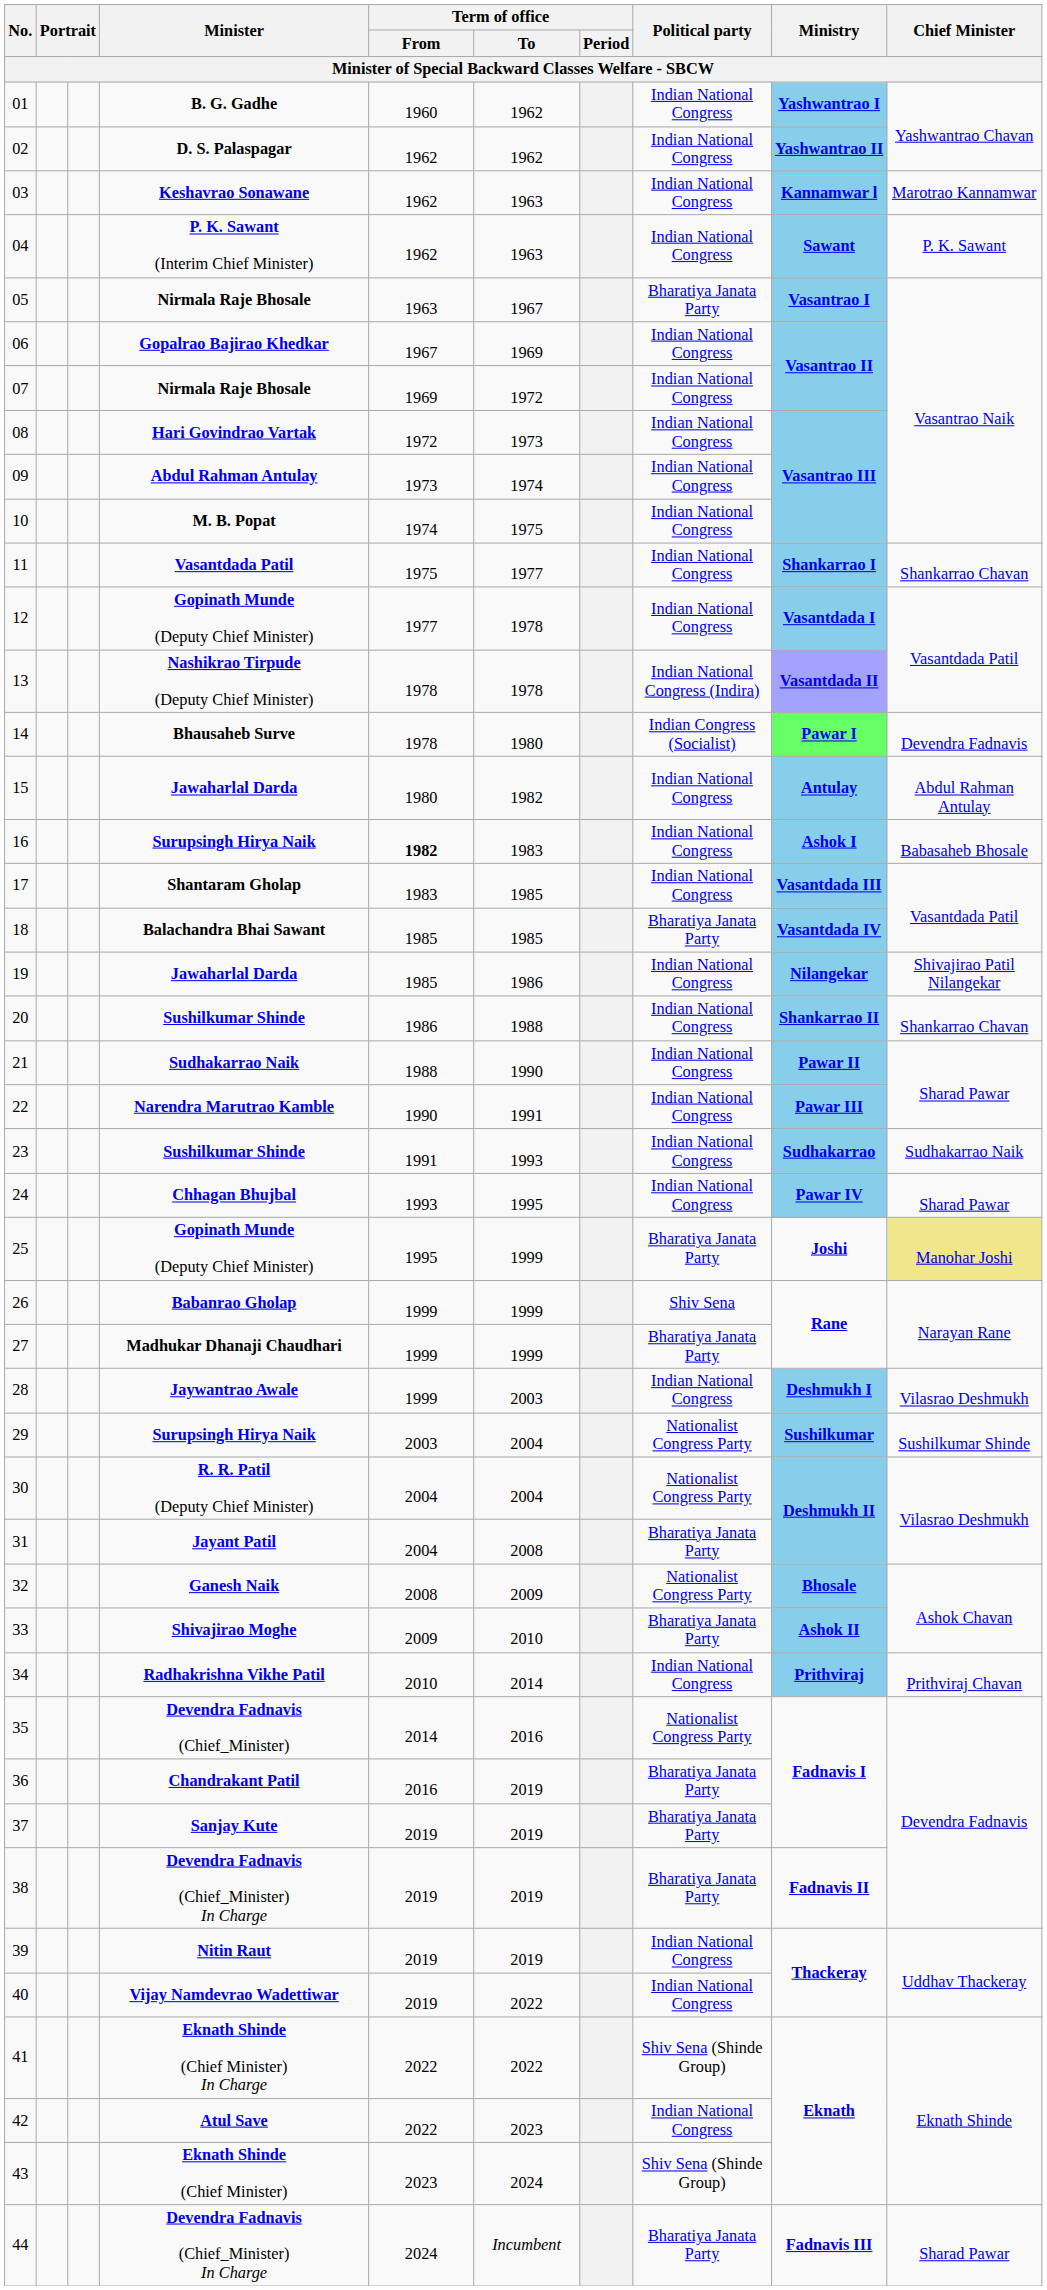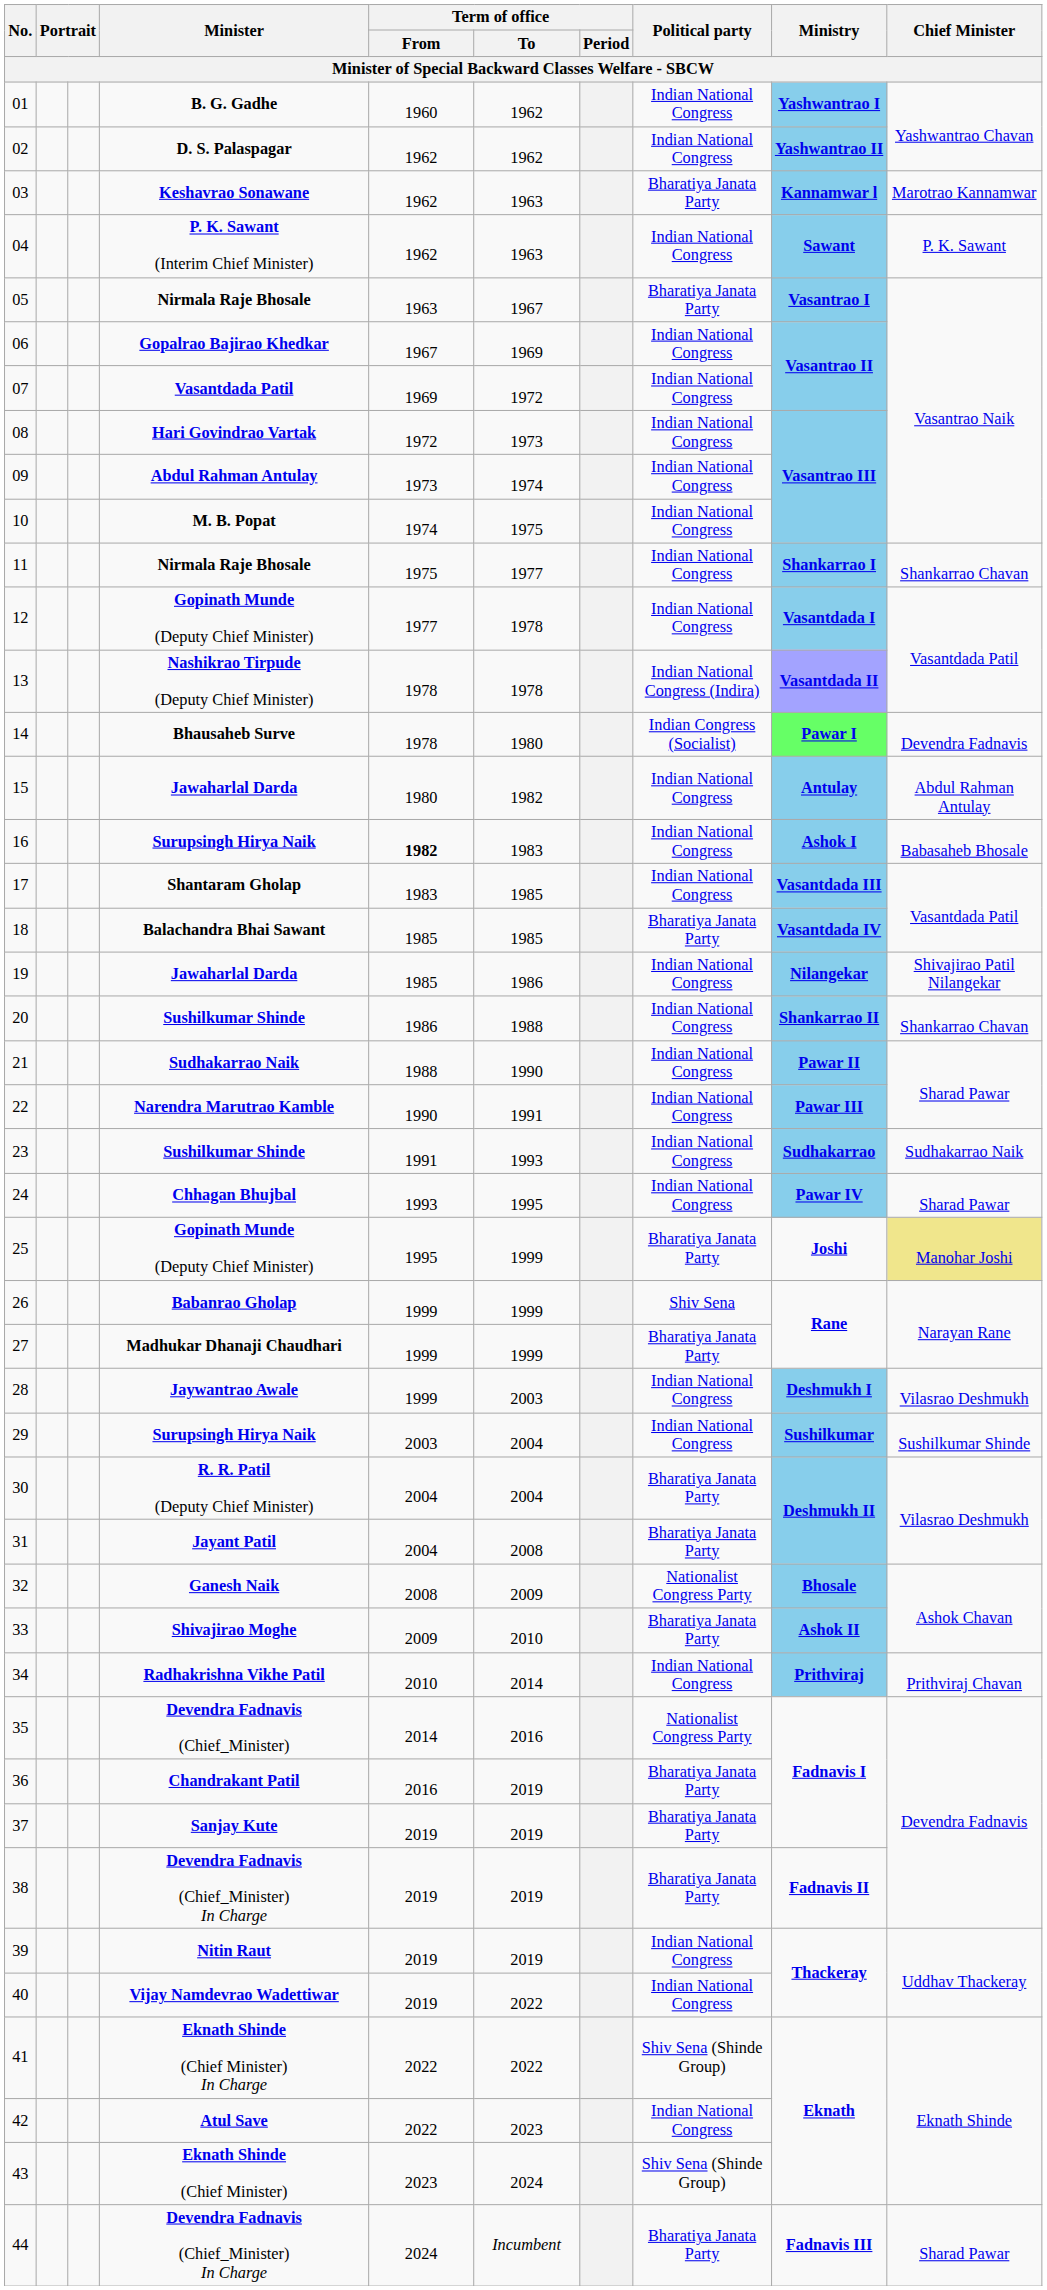 <table class="wikitable" style="text-align:center">
 <tr>
 <th rowspan="2">No.</th>
 <th rowspan="2" colspan="2">Portrait</th>
 <th rowspan="2" style="width:16em">Minister<br></th>
 <th colspan="3">Term of office</th>
 <th rowspan="2" style="width:8em">Political party</th>
 <th rowspan="2">Ministry</th>
 <th rowspan="2" style="width:9em">Chief Minister</th>
 </tr>
 <tr>
 <th style="width:6em">From</th>
 <th style="width:6em">To</th>
 <th>Period</th>
 </tr>
 <tr>
 <th colspan="10">Minister of Special Backward Classes Welfare - SBCW</th>
 </tr>
 <tr>
 <td>01</td>
 <td style="color:inherit;background:"></td>
 <td></td>
 <td><strong>B. G. Gadhe</strong> <br> </td>
 <td><br>1960</td>
 <td><br>1962</td>
 <th></th>
 <td><a href='#'>Indian National Congress</a></td>
 <td bgcolor="#87CEEB"><a href='#'><strong>Yashwantrao I</strong></a></td>
 <td rowspan="2"> <br><a href='#'>Yashwantrao Chavan</a></td>
 </tr>
 <tr>
 <td>02</td>
 <td style="color:inherit;background:"></td>
 <td></td>
 <td><strong>D. S. Palaspagar</strong>  <br> </td>
 <td><br>1962</td>
 <td><br>1962</td>
 <th></th>
 <td><a href='#'>Indian National Congress</a></td>
 <td bgcolor="#87CEEB"><a href='#'><strong>Yashwantrao II</strong></a></td>
 </tr>
 <tr>
 <td>03</td>
 <td style="color:inherit;background:"></td>
 <td></td>
 <td><strong><a href='#'>Keshavrao Sonawane</a></strong> <br> </td>
 <td><br>1962</td>
 <td><br>1963</td>
 <th></th>
-<td><a href='#'>Indian National Congress</a></td>
+<td><a href='#'>Bharatiya Janata Party</a></td>
 <td bgcolor="#87CEEB"><a href='#'><strong>Kannamwar l</strong></a></td>
 <td><a href='#'>Marotrao Kannamwar</a></td>
 </tr>
 <tr>
 <td>04</td>
 <td style="color:inherit;background:"></td>
 <td></td>
 <td><strong><a href='#'>P. K. Sawant</a></strong> <br>  <br>(Interim Chief Minister)</td>
 <td><br>1962</td>
 <td><br>1963</td>
 <th></th>
 <td><a href='#'>Indian National Congress</a></td>
 <td bgcolor="#87CEEB"><a href='#'><strong>Sawant</strong></a></td>
 <td><a href='#'>P. K. Sawant</a></td>
 </tr>
 <tr>
 <td>05</td>
 <td style="color:inherit;background:"></td>
 <td></td>
 <td><strong>Nirmala Raje Bhosale</strong> <br> </td>
 <td><br>1963</td>
 <td><br>1967</td>
 <th></th>
 <td><a href='#'>Bharatiya Janata Party</a></td>
 <td bgcolor="#87CEEB"><a href='#'><strong>Vasantrao I</strong></a></td>
 <td rowspan="6"><br><a href='#'>Vasantrao Naik</a></td>
 </tr>
 <tr>
 <td>06</td>
 <td style="color:inherit;background:"></td>
 <td></td>
 <td><strong><a href='#'>Gopalrao Bajirao Khedkar</a></strong> <br> </td>
 <td><br>1967</td>
 <td><br>1969</td>
 <th></th>
 <td><a href='#'>Indian National Congress</a></td>
 <td rowspan="2" bgcolor="#87CEEB"><a href='#'><strong>Vasantrao II</strong></a></td>
 </tr>
 <tr>
 <td>07</td>
 <td style="color:inherit;background:"></td>
 <td></td>
-<td><strong>Nirmala Raje Bhosale</strong> <br> </td>
+<td><strong><a href='#'>Vasantdada Patil</a></strong> <br> </td>
 <td><br>1969</td>
 <td><br>1972</td>
 <th></th>
 <td><a href='#'>Indian National Congress</a></td>
 </tr>
 <tr>
 <td>08</td>
 <td style="color:inherit;background:"></td>
 <td></td>
 <td><strong><a href='#'>Hari Govindrao Vartak</a></strong> <br> </td>
 <td><br>1972</td>
 <td><br>1973</td>
 <th></th>
 <td><a href='#'>Indian National Congress</a></td>
 <td rowspan="3" bgcolor="#87CEEB"><a href='#'><strong>Vasantrao III</strong></a></td>
 </tr>
 <tr>
 <td>09</td>
 <td style="color:inherit;background:"></td>
 <td></td>
 <td><strong><a href='#'>Abdul  Rahman Antulay</a></strong> <br> </td>
 <td><br>1973</td>
 <td><br>1974</td>
 <th></th>
 <td><a href='#'>Indian National Congress</a></td>
 </tr>
 <tr>
 <td>10</td>
 <td style="color:inherit;background:"></td>
 <td></td>
 <td><strong>M. B. Popat</strong> <br> </td>
 <td><br>1974</td>
 <td><br>1975</td>
 <th></th>
 <td><a href='#'>Indian National Congress</a></td>
 </tr>
 <tr>
 <td>11</td>
 <td style="color:inherit;background:"></td>
 <td></td>
-<td><strong><a href='#'>Vasantdada Patil</a></strong> <br> </td>
+<td><strong>Nirmala Raje Bhosale</strong> <br> </td>
 <td><br>1975</td>
 <td><br>1977</td>
 <th></th>
 <td><a href='#'>Indian National Congress</a></td>
 <td rowspan="1" bgcolor="#87CEEB"><a href='#'><strong>Shankarrao I</strong></a></td>
 <td rowspan="1"><br><a href='#'>Shankarrao Chavan</a></td>
 </tr>
 <tr>
 <td>12</td>
 <td style="color:inherit;background:"></td>
 <td></td>
 <td><strong><a href='#'>Gopinath Munde</a></strong> <br> <br> (Deputy Chief Minister)</td>
 <td><br>1977</td>
 <td><br>1978</td>
 <th></th>
 <td><a href='#'>Indian National Congress</a></td>
 <td rowspan="1" bgcolor="#88CEEB"><a href='#'><strong>Vasantdada I</strong></a></td>
 <td rowspan="2"><br><a href='#'>Vasantdada Patil</a></td>
 </tr>
 <tr>
 <td>13</td>
 <td style="color:inherit;background:"></td>
 <td></td>
 <td><strong><a href='#'>Nashikrao Tirpude</a></strong> <br> <br> (Deputy Chief Minister)</td>
 <td><br>1978</td>
 <td><br>1978</td>
 <th></th>
 <td><a href='#'>Indian National Congress (Indira)</a></td>
 <td rowspan="1" bgcolor="#A3A3FF"><a href='#'><strong>Vasantdada II</strong></a></td>
 </tr>
 <tr>
 <td>14</td>
 <td style="color:inherit;background:"></td>
 <td></td>
 <td><strong>Bhausaheb Surve</strong> <br> </td>
 <td><br>1978</td>
 <td><br>1980</td>
 <th></th>
 <td><a href='#'>Indian Congress (Socialist)</a></td>
 <td rowspan="1" bgcolor="#66FF66"><a href='#'><strong>Pawar I</strong></a></td>
 <td rowspan="1"> <br><a href='#'>Devendra Fadnavis</a></td>
 </tr>
 <tr>
 <td>15</td>
 <td style="color:inherit;background:"></td>
 <td></td>
 <td><strong><a href='#'>Jawaharlal Darda</a></strong> <br> </td>
 <td><br>1980</td>
 <td><br>1982</td>
 <th></th>
 <td><a href='#'>Indian National Congress</a></td>
 <td rowspan="1" bgcolor="#87CEEB"><a href='#'><strong>Antulay</strong></a></td>
 <td rowspan="1"> <br><a href='#'>Abdul Rahman Antulay</a></td>
 </tr>
 <tr>
 <td>16</td>
 <td style="color:inherit;background:"></td>
 <td></td>
 <td><strong><a href='#'>Surupsingh Hirya Naik</a></strong>  <br> </td>
 <td><strong><br>1982</strong></td>
 <td><br>1983</td>
 <th></th>
 <td><a href='#'>Indian National Congress</a></td>
 <td bgcolor="#87CEEB"><a href='#'><strong>Ashok I</strong></a></td>
 <td rowspan="1"> <br><a href='#'>Babasaheb Bhosale</a></td>
 </tr>
 <tr>
 <td>17</td>
 <td style="color:inherit;background:"></td>
 <td></td>
 <td><strong>Shantaram Gholap</strong> <br> </td>
 <td><br>1983</td>
 <td><br>1985</td>
 <th></th>
 <td><a href='#'>Indian National Congress</a></td>
 <td rowspan="1" bgcolor="#87CEEB"><a href='#'><strong>Vasantdada III</strong></a></td>
 <td rowspan="2"><br><a href='#'>Vasantdada Patil</a></td>
 </tr>
 <tr>
 <td>18</td>
 <td style="color:inherit;background:"></td>
 <td></td>
 <td><strong>Balachandra Bhai Sawant</strong>  <br> </td>
 <td><br>1985</td>
 <td><br>1985</td>
 <th></th>
 <td><a href='#'>Bharatiya Janata Party</a></td>
 <td bgcolor="#87CEEB"><a href='#'><strong>Vasantdada IV</strong></a></td>
 </tr>
 <tr>
 <td>19</td>
 <td style="color:inherit;background:"></td>
 <td></td>
 <td><strong><a href='#'>Jawaharlal Darda</a></strong>  <br> </td>
 <td><br>1985</td>
 <td><br>1986</td>
 <th></th>
 <td><a href='#'>Indian National Congress</a></td>
 <td bgcolor="#87CEEB"><a href='#'><strong>Nilangekar</strong></a></td>
 <td><a href='#'>Shivajirao Patil Nilangekar</a></td>
 </tr>
 <tr>
 <td>20</td>
 <td style="color:inherit;background:"></td>
 <td></td>
 <td><strong><a href='#'>Sushilkumar Shinde</a></strong> <br> </td>
 <td><br>1986</td>
 <td><br>1988</td>
 <th></th>
 <td><a href='#'>Indian National Congress</a></td>
 <td rowspan="1"bgcolor="#87CEEB"><a href='#'><strong>Shankarrao II</strong></a></td>
 <td rowspan="1"> <br><a href='#'>Shankarrao Chavan</a></td>
 </tr>
 <tr>
 <td>21</td>
 <td style="color:inherit;background:"></td>
 <td></td>
 <td><strong><a href='#'>Sudhakarrao Naik</a></strong> <br> </td>
 <td><br>1988</td>
 <td><br>1990</td>
 <th></th>
 <td><a href='#'>Indian National Congress</a></td>
 <td rowspan="1" bgcolor="#87CEEB"><a href='#'><strong>Pawar II</strong></a></td>
 <td rowspan="2"> <br><a href='#'>Sharad Pawar</a></td>
 </tr>
 <tr>
 <td>22</td>
 <td style="color:inherit;background:"></td>
 <td></td>
 <td><strong><a href='#'>Narendra Marutrao Kamble</a></strong> <br> </td>
 <td><br>1990</td>
 <td><br>1991</td>
 <th></th>
 <td><a href='#'>Indian National Congress</a></td>
 <td rowspan="1" bgcolor="#87CEEB"><a href='#'><strong>Pawar III</strong></a></td>
 </tr>
 <tr>
 <td>23</td>
 <td style="color:inherit;background:"></td>
 <td></td>
 <td><strong><a href='#'>Sushilkumar Shinde</a></strong> <br> </td>
 <td><br>1991</td>
 <td><br>1993</td>
 <th></th>
 <td><a href='#'>Indian National Congress</a></td>
 <td rowspan="1" bgcolor="#87CEEB"><a href='#'><strong>Sudhakarrao</strong></a></td>
 <td rowspan="1"><a href='#'>Sudhakarrao Naik</a></td>
 </tr>
 <tr>
 <td>24</td>
 <td style="color:inherit;background:"></td>
 <td></td>
 <td><strong><a href='#'>Chhagan Bhujbal</a></strong> <br> </td>
 <td><br>1993</td>
 <td><br>1995</td>
 <th></th>
 <td><a href='#'>Indian National Congress</a></td>
 <td bgcolor="#87CEEB"><a href='#'><strong>Pawar IV</strong></a></td>
 <td> <br><a href='#'>Sharad Pawar</a></td>
 </tr>
 <tr>
 <td>25</td>
 <td style="color:inherit;background:"></td>
 <td></td>
 <td><strong><a href='#'>Gopinath Munde</a></strong> <br> <br> (Deputy Chief Minister)</td>
 <td><br>1995</td>
 <td><br>1999</td>
 <th></th>
 <td><a href='#'>Bharatiya Janata Party</a></td>
 <td rowspan="1"><a href='#'><strong>Joshi</strong></a></td>
 <td rowspan="1" style="background: khaki;"> <br><a href='#'>Manohar Joshi</a></td>
 </tr>
 <tr>
 <td>26</td>
 <td style="color:inherit;background:"></td>
 <td></td>
 <td><strong><a href='#'>Babanrao Gholap</a></strong> <br> </td>
 <td><br>1999</td>
 <td><br>1999</td>
 <th></th>
 <td><a href='#'>Shiv Sena</a></td>
 <td rowspan="2"><a href='#'><strong>Rane</strong></a></td>
 <td rowspan="2"> <br><a href='#'>Narayan Rane</a></td>
 </tr>
 <tr>
 <td>27</td>
 <td style="color:inherit;background:"></td>
 <td></td>
 <td><strong>Madhukar Dhanaji Chaudhari</strong> <br> </td>
 <td><br>1999</td>
 <td><br>1999</td>
 <th></th>
 <td><a href='#'>Bharatiya Janata Party</a></td>
 </tr>
 <tr>
 <td>28</td>
 <td style="color:inherit;background:"></td>
 <td></td>
 <td><strong><a href='#'>Jaywantrao Awale</a></strong> <br> </td>
 <td><br>1999</td>
 <td><br>2003</td>
 <th></th>
 <td><a href='#'>Indian National Congress</a></td>
 <td rowspan="1" bgcolor="#87CEEB"><a href='#'><strong>Deshmukh I</strong></a></td>
 <td rowspan="1"> <br><a href='#'>Vilasrao Deshmukh</a></td>
 </tr>
 <tr>
 <td>29</td>
 <td style="color:inherit;background:"></td>
 <td></td>
 <td><strong><a href='#'>Surupsingh Hirya Naik</a></strong> <br> </td>
 <td><br>2003</td>
 <td><br>2004</td>
 <th></th>
-<td><a href='#'>Nationalist Congress Party</a></td>
+<td><a href='#'>Indian National Congress</a></td>
 <td rowspan="1" bgcolor="#87CEEB"><a href='#'><strong>Sushilkumar</strong></a></td>
 <td rowspan="1"> <br><a href='#'>Sushilkumar Shinde</a></td>
 </tr>
 <tr>
 <td>30</td>
 <td style="color:inherit;background:"></td>
 <td></td>
 <td><strong><a href='#'>R. R. Patil</a></strong> <br> <br> (Deputy Chief Minister)</td>
 <td><br>2004</td>
 <td><br>2004</td>
 <th></th>
-<td><a href='#'>Nationalist Congress Party</a></td>
+<td><a href='#'>Bharatiya Janata Party</a></td>
 <td rowspan="2" bgcolor="#87CEEB"><a href='#'><strong>Deshmukh II</strong></a></td>
 <td rowspan="2"> <br><a href='#'>Vilasrao Deshmukh</a></td>
 </tr>
 <tr>
 <td>31</td>
 <td style="color:inherit;background:"></td>
 <td></td>
 <td><strong><a href='#'>Jayant Patil</a></strong> <br> </td>
 <td><br>2004</td>
 <td><br>2008</td>
 <th></th>
 <td rowspan="1"><a href='#'>Bharatiya Janata Party</a></td>
 </tr>
 <tr>
 <td>32</td>
 <td style="color:inherit;background:"></td>
 <td></td>
 <td><strong><a href='#'>Ganesh Naik</a></strong> <br> </td>
 <td><br>2008</td>
 <td><br>2009</td>
 <th></th>
 <td><a href='#'>Nationalist Congress Party</a></td>
 <td rowspan="1" bgcolor="#87CEEB"><a href='#'><strong>Bhosale</strong></a></td>
 <td rowspan="2"><br><a href='#'>Ashok Chavan</a></td>
 </tr>
 <tr>
 <td>33</td>
 <td style="color:inherit;background:"></td>
 <td></td>
 <td><strong><a href='#'>Shivajirao Moghe</a></strong> <br> </td>
 <td><br>2009</td>
 <td><br>2010</td>
 <th></th>
 <td><a href='#'>Bharatiya Janata Party</a></td>
 <td bgcolor="#87CEEB"><a href='#'><strong>Ashok II</strong></a></td>
 </tr>
 <tr>
 <td>34</td>
 <td style="color:inherit;background:"></td>
 <td></td>
 <td><strong><a href='#'>Radhakrishna Vikhe Patil</a></strong> <br> </td>
 <td><br>2010</td>
 <td><br>2014</td>
 <th></th>
 <td><a href='#'>Indian National Congress</a></td>
 <td rowspan="1" bgcolor="#87CEEB"><a href='#'><strong>Prithviraj</strong></a></td>
 <td rowspan="1"><br><a href='#'>Prithviraj Chavan</a></td>
 </tr>
 <tr>
 <td>35</td>
 <td style="color:inherit;background:"></td>
 <td></td>
 <td><strong><a href='#'>Devendra Fadnavis</a></strong>  <br> <br>(Chief_Minister)</td>
 <td><br>2014</td>
 <td><br>2016</td>
 <th></th>
 <td><a href='#'>Nationalist Congress Party</a></td>
 <td rowspan="3"><a href='#'><strong>Fadnavis I</strong></a></td>
 <td rowspan="4"> <br><a href='#'>Devendra Fadnavis</a></td>
 </tr>
 <tr>
 <td>36</td>
 <td style="color:inherit;background:"></td>
 <td></td>
 <td><strong><a href='#'>Chandrakant Patil</a></strong> <br> </td>
 <td><br>2016</td>
 <td><br>2019</td>
 <th></th>
 <td rowspan="1"><a href='#'>Bharatiya Janata Party</a></td>
 </tr>
 <tr>
 <td>37</td>
 <td style="color:inherit;background:"></td>
 <td></td>
 <td><strong><a href='#'>Sanjay Kute</a></strong> <br> </td>
 <td><br>2019</td>
 <td><br>2019</td>
 <th></th>
 <td><a href='#'>Bharatiya Janata Party</a></td>
 </tr>
 <tr>
 <td>38</td>
 <td style="color:inherit;background:"></td>
 <td></td>
 <td><strong><a href='#'>Devendra Fadnavis</a></strong>  <br> <br>(Chief_Minister) <br><em>In Charge</em></td>
 <td><br>2019</td>
 <td><br>2019</td>
 <th></th>
 <td><a href='#'>Bharatiya Janata Party</a></td>
 <td rowspan="1"><a href='#'><strong>Fadnavis II</strong></a></td>
 </tr>
 <tr>
 <td>39</td>
 <td style="color:inherit;background:"></td>
 <td></td>
 <td><strong><a href='#'>Nitin Raut</a></strong> <br> </td>
 <td><br>2019</td>
 <td><br>2019</td>
 <th></th>
 <td><a href='#'>Indian National Congress</a></td>
 <td rowspan="2"><a href='#'><strong>Thackeray</strong></a></td>
 <td rowspan="2"> <br><a href='#'>Uddhav Thackeray</a></td>
 </tr>
 <tr>
 <td>40</td>
 <td style="color:inherit;background:"></td>
 <td></td>
 <td><strong><a href='#'>Vijay Namdevrao Wadettiwar</a></strong> <br> </td>
 <td><br>2019</td>
 <td><br>2022</td>
 <th></th>
 <td><a href='#'>Indian National Congress</a></td>
 </tr>
 <tr>
 <td>41</td>
 <td style="color:inherit;background:"></td>
 <td></td>
 <td><strong><a href='#'>Eknath Shinde</a></strong> <br>  <br>(Chief Minister)<br><em>In Charge</em></td>
 <td><br>2022</td>
 <td><br>2022</td>
 <th></th>
 <td><a href='#'>Shiv Sena</a> (Shinde Group)</td>
 <td rowspan="3"><a href='#'><strong>Eknath</strong></a></td>
 <td rowspan="3"> <br><a href='#'>Eknath Shinde</a></td>
 </tr>
 <tr>
 <td>42</td>
 <td style="color:inherit;background:"></td>
 <td></td>
 <td><strong><a href='#'>Atul Save</a></strong> <br> </td>
 <td><br>2022</td>
 <td><br>2023</td>
 <th></th>
 <td><a href='#'>Indian National Congress</a></td>
 </tr>
 <tr>
 <td>43</td>
 <td style="color:inherit;background:"></td>
 <td></td>
 <td><strong><a href='#'>Eknath Shinde</a></strong> <br>  <br>(Chief Minister)</td>
 <td><br>2023</td>
 <td><br>2024</td>
 <th></th>
 <td><a href='#'>Shiv Sena</a> (Shinde Group)</td>
 </tr>
 <tr>
 <td>44</td>
 <td style="color:inherit;background:"></td>
 <td></td>
 <td><strong><a href='#'>Devendra Fadnavis</a></strong>  <br> <br>(Chief_Minister) <br><em>In Charge</em></td>
 <td><br>2024</td>
 <td><em>Incumbent</em></td>
 <th></th>
 <td><a href='#'>Bharatiya Janata Party</a></td>
 <td rowspan="1"><a href='#'><strong>Fadnavis III</strong></a></td>
 <td rowspan="1"><br><a href='#'>Sharad Pawar</a></td>
 </tr>
 <tr>
 </tr>
 </table>
